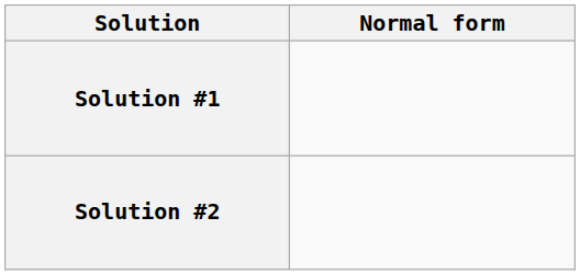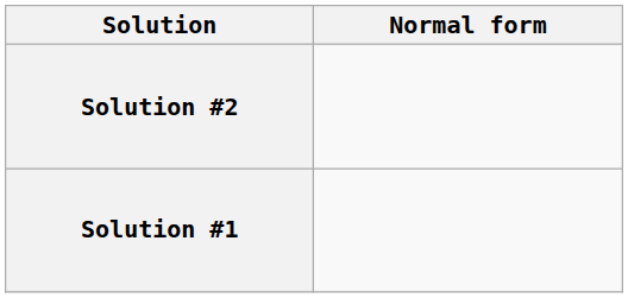 <table class="wikitable" align="center" style="font-family:'DejaVu Sans Mono','Bitstream Vera Sans Mono','Courier New','Andale Mono','monospace'">
 <tr>
 <th width="200">Solution</th>
 <th width="200">Normal form</th>
 </tr>
 <tr>
+<th>Solution #2</th>
+<td align="center">   <br>   <br>   <br>   <br></td>
+</tr>
+<tr>
 <th>Solution #1</th>
 <td align="center">   <br>   <br>   <br>   <br></td>
 </tr>
-<tr>
-<th>Solution #2</th>
-<td align="center">   <br>   <br>   <br>   <br></td>
-</tr>
 </table>
